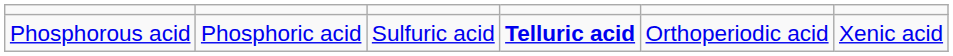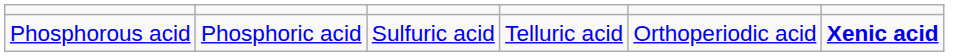 <table class="wikitable" style="text-align:center">
 <tr>
 <td></td>
 <td></td>
 <td></td>
 <td></td>
 <td></td>
 <td></td>
 </tr>
 <tr>
 <td><a href='#'>Phosphorous acid</a></td>
 <td><a href='#'>Phosphoric acid</a></td>
 <td><a href='#'>Sulfuric acid</a></td>
-<td><strong><a href='#'>Telluric acid</a></strong></td>
+<td><a href='#'>Telluric acid</a></td>
 <td><a href='#'>Orthoperiodic acid</a></td>
-<td><a href='#'>Xenic acid</a></td>
+<td><strong><a href='#'>Xenic acid</a></strong></td>
 </tr>
 </table>
